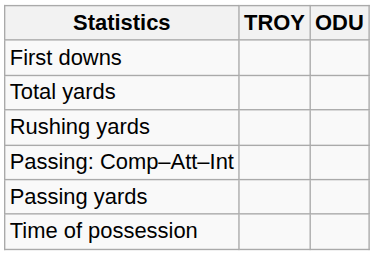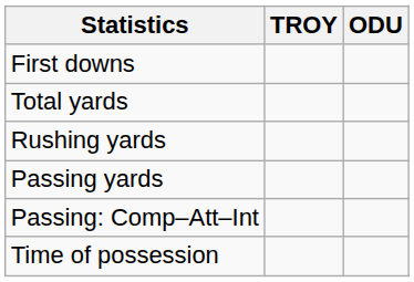 <table class="wikitable" style="float: left;">
 <tr>
 <th>Statistics</th>
 <th>TROY</th>
 <th>ODU</th>
 </tr>
 <tr>
 <td>First downs</td>
 <td></td>
 <td></td>
 </tr>
 <tr>
 <td>Total yards</td>
 <td></td>
 <td></td>
 </tr>
 <tr>
 <td>Rushing yards</td>
 <td></td>
 <td></td>
 </tr>
 <tr>
-<td>Passing: Comp–Att–Int</td>
+<td>Passing yards</td>
 <td></td>
 <td></td>
 </tr>
 <tr>
-<td>Passing yards</td>
+<td>Passing: Comp–Att–Int</td>
 <td></td>
 <td></td>
 </tr>
 <tr>
 <td>Time of possession</td>
 <td></td>
 <td></td>
 </tr>
 </table>
